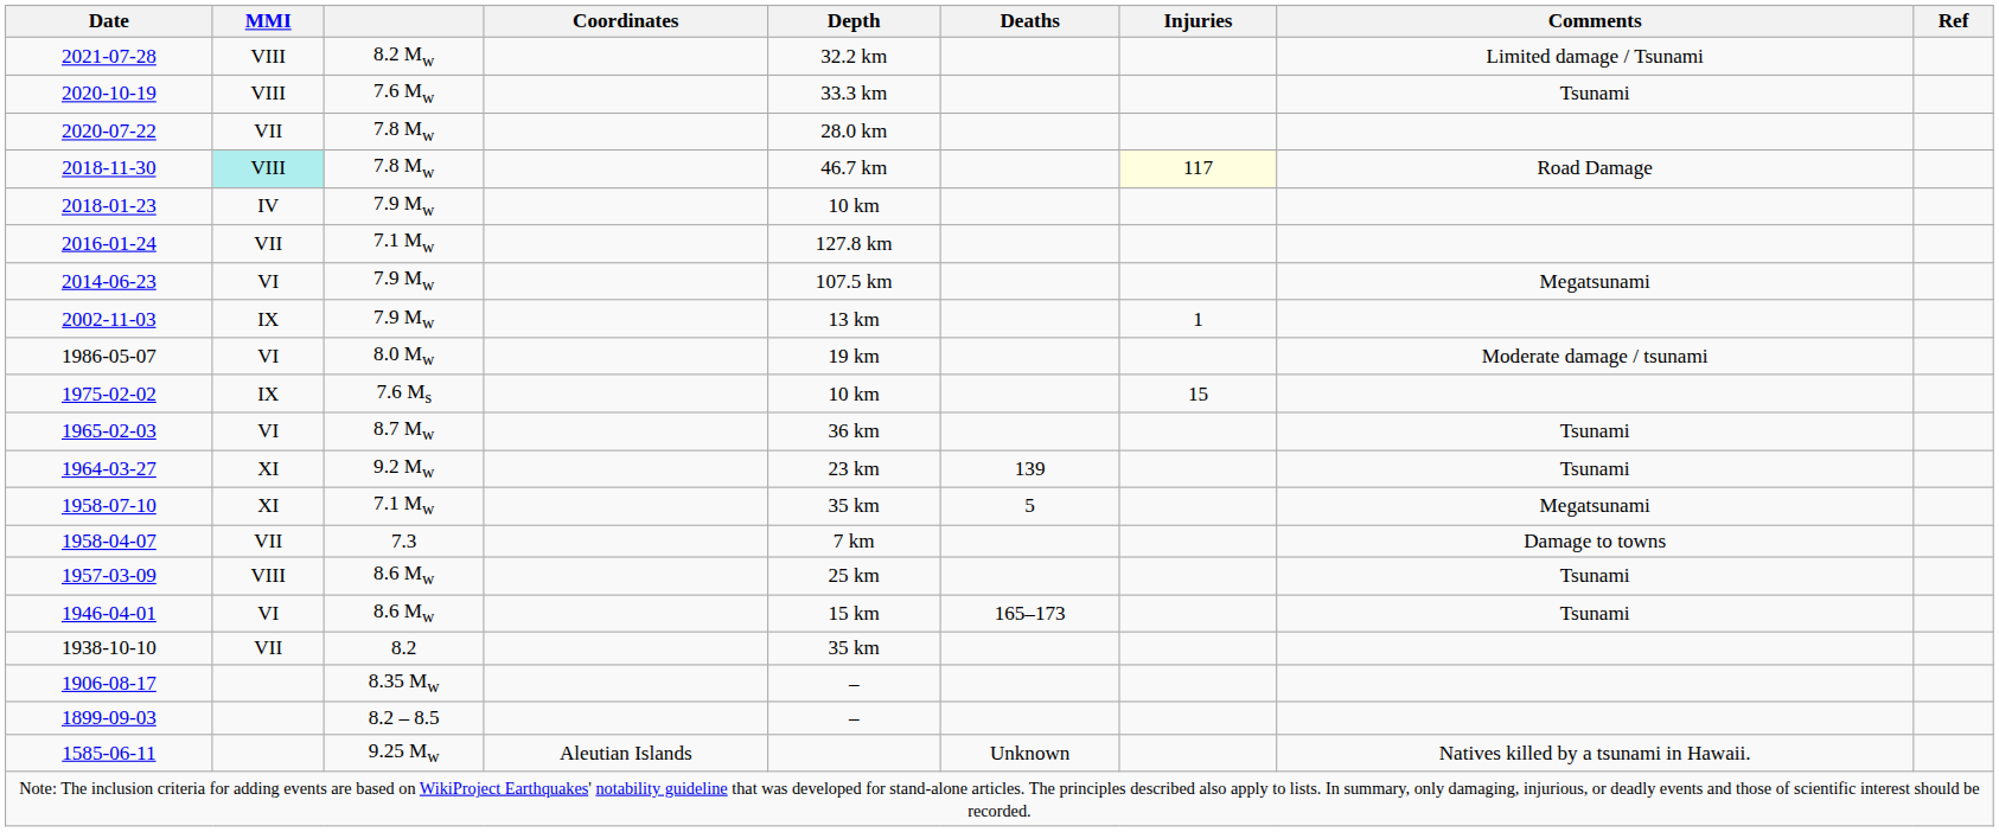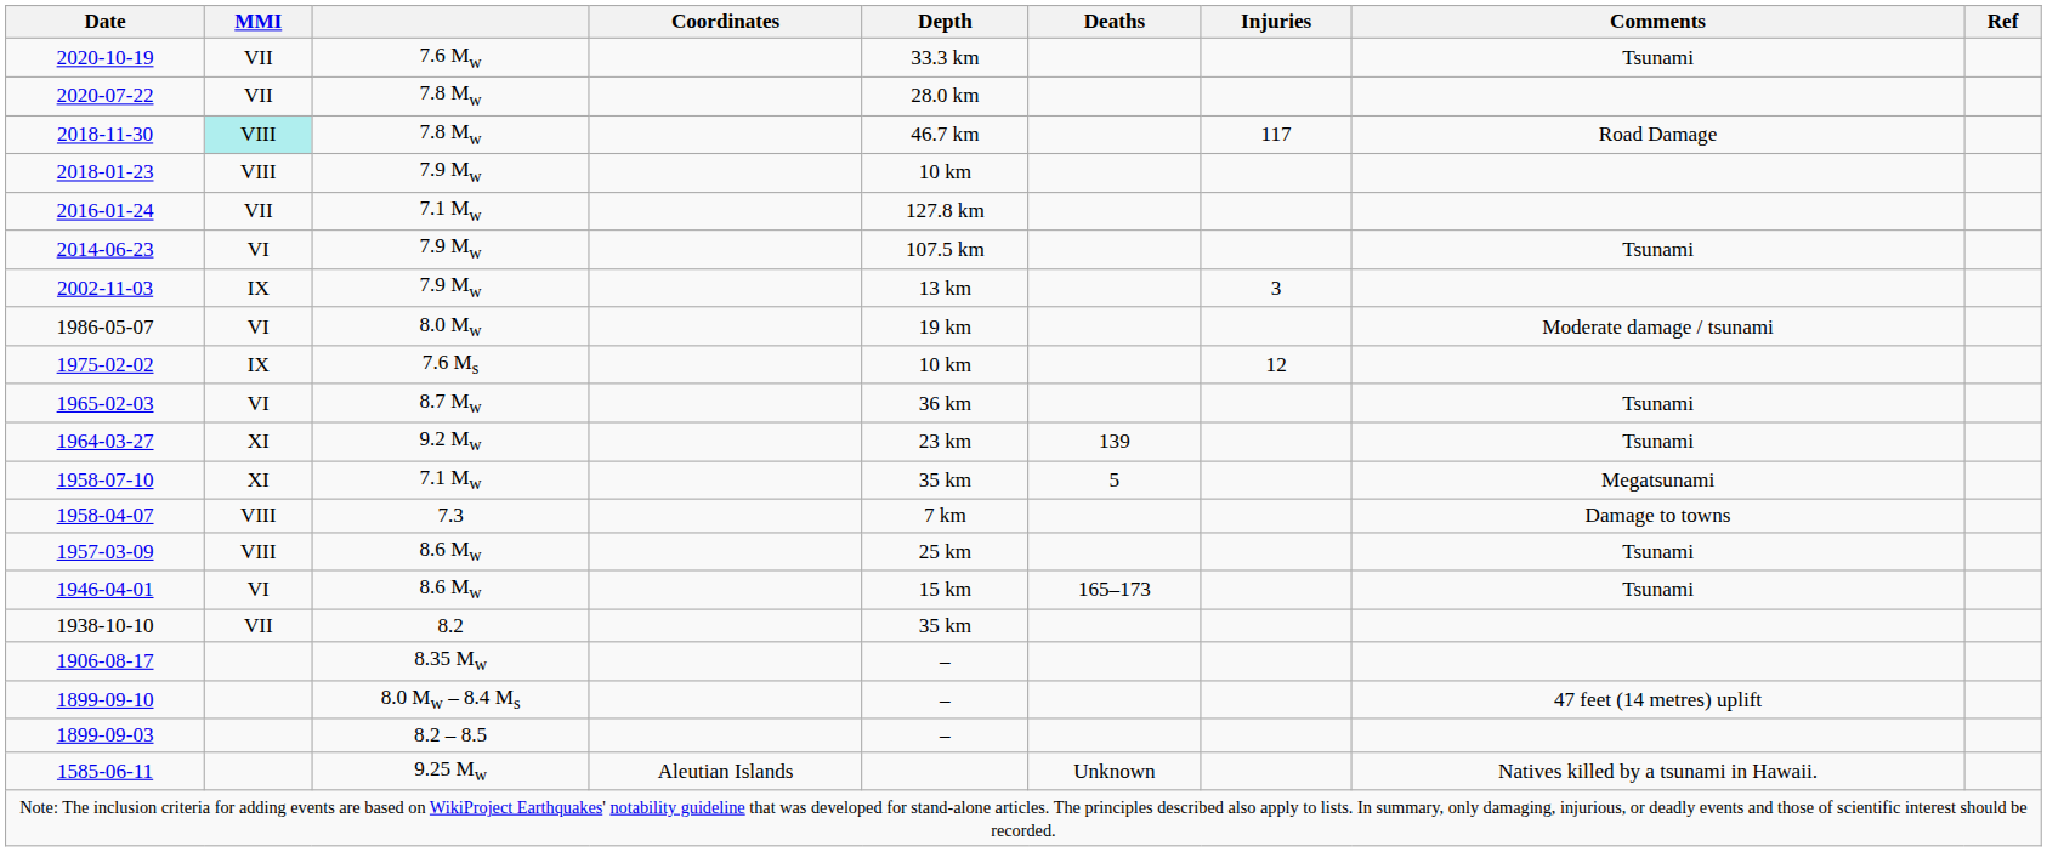 <table class="wikitable sortable" style="text-align: center;">
 <tr>
 <th>Date</th>
 <th><a href='#'>MMI</a></th>
 <th></th>
 <th>Coordinates</th>
 <th>Depth</th>
 <th>Deaths</th>
 <th>Injuries</th>
 <th>Comments</th>
 <th scope="col" class="unsortable">Ref</th>
 </tr>
 <tr>
-<td><a href='#'>2021-07-28</a></td>
-<td>VIII</td>
-<td>8.2 M<sub>w</sub></td>
-<td></td>
-<td>32.2 km</td>
-<td></td>
-<td></td>
-<td>Limited damage / Tsunami</td>
-<td></td>
-</tr>
-<tr>
 <td><a href='#'>2020-10-19</a></td>
-<td>VIII</td>
+<td>VII</td>
 <td>7.6 M<sub>w</sub></td>
 <td></td>
 <td>33.3 km</td>
 <td></td>
 <td></td>
 <td>Tsunami</td>
 <td></td>
 </tr>
 <tr>
 <td><a href='#'>2020-07-22</a></td>
 <td>VII</td>
 <td>7.8 M<sub>w</sub></td>
 <td></td>
 <td>28.0 km</td>
 <td></td>
 <td></td>
 <td></td>
 <td></td>
 </tr>
 <tr>
 <td><a href='#'>2018-11-30</a></td>
 <td style="background: paleturquoise;">VIII</td>
 <td>7.8 M<sub>w</sub></td>
 <td></td>
 <td>46.7 km</td>
 <td></td>
-<td style="background: lightyellow;">117</td>
+<td>117</td>
 <td>Road Damage</td>
 <td></td>
 </tr>
 <tr>
 <td><a href='#'>2018-01-23</a></td>
-<td>IV</td>
+<td>VIII</td>
 <td>7.9 M<sub>w</sub></td>
 <td></td>
 <td>10 km</td>
 <td></td>
 <td></td>
 <td></td>
 <td></td>
 </tr>
 <tr>
 <td><a href='#'>2016-01-24</a></td>
 <td>VII</td>
 <td>7.1 M<sub>w</sub></td>
 <td></td>
 <td>127.8 km</td>
 <td></td>
 <td></td>
 <td></td>
 <td></td>
 </tr>
 <tr>
 <td><a href='#'>2014-06-23</a></td>
 <td>VI</td>
 <td>7.9 M<sub>w</sub></td>
 <td></td>
 <td>107.5 km</td>
 <td></td>
 <td></td>
-<td>Megatsunami</td>
+<td>Tsunami</td>
 <td></td>
 </tr>
 <tr>
 <td><a href='#'>2002-11-03</a></td>
 <td>IX</td>
 <td>7.9 M<sub>w</sub></td>
 <td></td>
 <td>13 km</td>
 <td></td>
-<td>1</td>
+<td>3</td>
 <td></td>
 <td></td>
 </tr>
 <tr>
 <td>1986-05-07</td>
 <td>VI</td>
 <td>8.0 M<sub>w</sub></td>
 <td></td>
 <td>19 km</td>
 <td></td>
 <td></td>
 <td>Moderate damage / tsunami</td>
 <td></td>
 </tr>
 <tr>
 <td><a href='#'>1975-02-02</a></td>
 <td>IX</td>
 <td>7.6 M<sub>s</sub></td>
 <td></td>
 <td>10 km</td>
 <td></td>
-<td>15</td>
+<td>12</td>
 <td></td>
 <td></td>
 </tr>
 <tr>
 <td><a href='#'>1965-02-03</a></td>
 <td>VI</td>
 <td>8.7 M<sub>w</sub></td>
 <td></td>
 <td>36 km</td>
 <td></td>
 <td></td>
 <td>Tsunami</td>
 <td></td>
 </tr>
 <tr>
 <td><a href='#'>1964-03-27</a></td>
 <td>XI</td>
 <td>9.2 M<sub>w</sub></td>
 <td></td>
 <td>23 km</td>
 <td>139</td>
 <td></td>
 <td>Tsunami</td>
 <td></td>
 </tr>
 <tr>
 <td><a href='#'>1958-07-10</a></td>
 <td>XI</td>
 <td>7.1 M<sub>w</sub></td>
 <td></td>
 <td>35 km</td>
 <td>5</td>
 <td></td>
 <td>Megatsunami</td>
 <td></td>
 </tr>
 <tr>
 <td><a href='#'>1958-04-07</a></td>
-<td>VII</td>
+<td>VIII</td>
 <td>7.3 </td>
 <td></td>
 <td>7 km</td>
 <td></td>
 <td></td>
 <td>Damage to towns</td>
 <td></td>
 </tr>
 <tr>
 <td><a href='#'>1957-03-09</a></td>
 <td>VIII</td>
 <td>8.6 M<sub>w</sub></td>
 <td></td>
 <td>25 km</td>
 <td></td>
 <td></td>
 <td>Tsunami</td>
 <td></td>
 </tr>
 <tr>
 <td><a href='#'>1946-04-01</a></td>
 <td>VI</td>
 <td>8.6 M<sub>w</sub></td>
 <td></td>
 <td>15 km</td>
 <td>165–173</td>
 <td></td>
 <td>Tsunami</td>
 <td></td>
 </tr>
 <tr>
 <td>1938-10-10</td>
 <td>VII</td>
 <td>8.2 </td>
 <td></td>
 <td>35 km</td>
 <td></td>
 <td></td>
 <td></td>
 <td></td>
 </tr>
 <tr>
 <td><a href='#'>1906-08-17</a></td>
 <td></td>
 <td>8.35 M<sub>w</sub></td>
 <td></td>
 <td>–</td>
 <td></td>
 <td></td>
 <td></td>
 <td></td>
 </tr>
 <tr>
+<td><a href='#'>1899-09-10</a></td>
+<td></td>
+<td>8.0 M<sub>w</sub> – 8.4 M<sub>s</sub></td>
+<td></td>
+<td>–</td>
+<td></td>
+<td></td>
+<td>47 feet (14 metres) uplift</td>
+<td></td>
+</tr>
+<tr>
 <td><a href='#'>1899-09-03</a></td>
 <td></td>
 <td>8.2  – 8.5 </td>
 <td></td>
 <td>–</td>
 <td></td>
 <td></td>
 <td></td>
 <td></td>
 </tr>
 <tr>
 <td><a href='#'>1585-06-11</a></td>
 <td></td>
 <td>9.25 M<sub>w</sub></td>
 <td>Aleutian Islands</td>
 <td></td>
 <td>Unknown</td>
 <td></td>
 <td>Natives killed by a tsunami in Hawaii.</td>
 <td></td>
 </tr>
 <tr class="sortbottom">
 <td colspan="09" style="text-align: center;"><small>Note: The inclusion criteria for adding events are based on <a href='#'>WikiProject Earthquakes</a>' <a href='#'>notability guideline</a> that was developed for stand-alone articles. The principles described also apply to lists. In summary, only damaging, injurious, or deadly events and those of scientific interest should be recorded.</small></td>
 </tr>
 </table>
